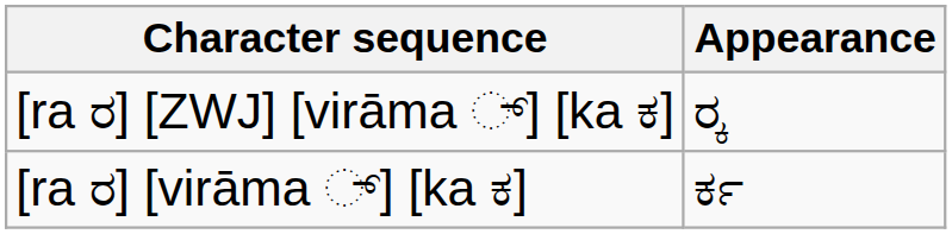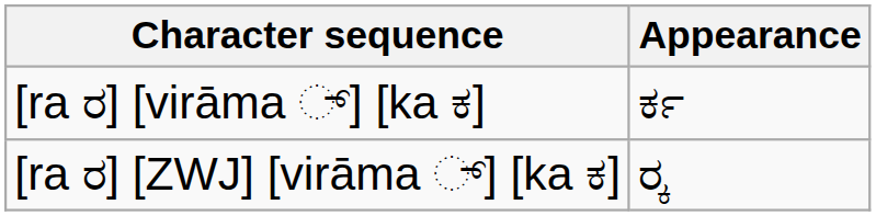 <table class="wikitable">
 <tr>
 <th>Character sequence</th>
 <th>Appearance</th>
 </tr>
 <tr>
+<td><big>[ra ರ‍] [virāma ್] [ka ಕ]</big></td>
+<td><big>ರ್ಕ</big></td>
+</tr>
+<tr>
 <td><big>[ra ರ‍] [ZWJ] [virāma ್] [ka ಕ]</big></td>
 <td><big>ರ‍್ಕ</big></td>
 </tr>
-<tr>
-<td><big>[ra ರ‍] [virāma ್] [ka ಕ]</big></td>
-<td><big>ರ್ಕ</big></td>
-</tr>
 </table>
